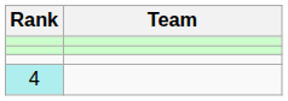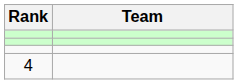 <table class=wikitable style="text-align:center;">
 <tr>
 <th>Rank</th>
 <th width=170>Team</th>
 </tr>
 <tr bgcolor=#ccffcc>
 <td></td>
 <td align=left></td>
 </tr>
 <tr bgcolor=#ccffcc>
 <td></td>
 <td align=left></td>
 </tr>
 <tr>
 <td></td>
 <td align=left></td>
 </tr>
 <tr>
-<td style="background: paleturquoise;">4</td>
+<td>4</td>
 <td align=left></td>
 </tr>
 </table>
